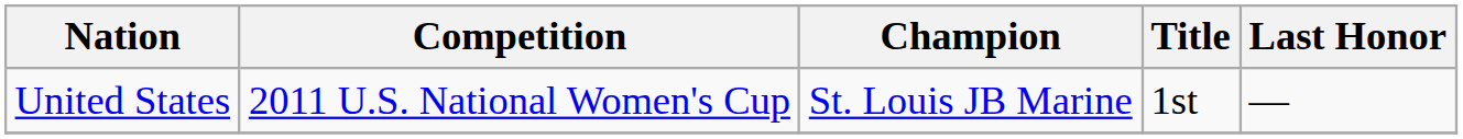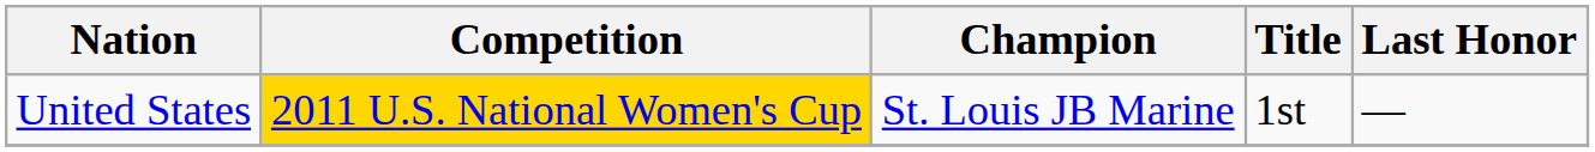 <table class="wikitable">
 <tr>
 <th>Nation</th>
 <th>Competition</th>
 <th>Champion</th>
 <th>Title</th>
 <th>Last Honor</th>
 </tr>
 <tr>
 <td> <a href='#'>United States</a></td>
-<td><a href='#'>2011 U.S. National Women's Cup</a></td>
+<td style="background: gold;"><a href='#'>2011 U.S. National Women's Cup</a></td>
 <td><a href='#'>St. Louis JB Marine</a></td>
 <td>1st</td>
 <td>—</td>
 </tr>
 <tr>
 </tr>
 </table>
